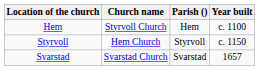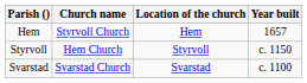 <table class="wikitable" style="text-align:center">
 <tr>
+<th>Parish ()</th>
+<th>Church name</th>
 <th>Location of the church</th>
-<th>Church name</th>
-<th>Parish ()</th>
 <th>Year built</th>
 </tr>
 <tr>
+<td rowspan="1">Hem</td>
+<td><a href='#'>Styrvoll Church</a></td>
 <td><a href='#'>Hem</a></td>
-<td><a href='#'>Styrvoll Church</a></td>
-<td rowspan="1">Hem</td>
-<td>c. 1100</td>
+<td>1657</td>
 </tr>
 <tr>
+<td rowspan="1">Styrvoll</td>
+<td><a href='#'>Hem Church</a></td>
 <td><a href='#'>Styrvoll</a></td>
-<td><a href='#'>Hem Church</a></td>
-<td rowspan="1">Styrvoll</td>
 <td>c. 1150</td>
 </tr>
 <tr>
+<td rowspan="1">Svarstad</td>
+<td><a href='#'>Svarstad Church</a></td>
 <td><a href='#'>Svarstad</a></td>
-<td><a href='#'>Svarstad Church</a></td>
-<td rowspan="1">Svarstad</td>
-<td>1657</td>
+<td>c. 1100</td>
 </tr>
 </table>
